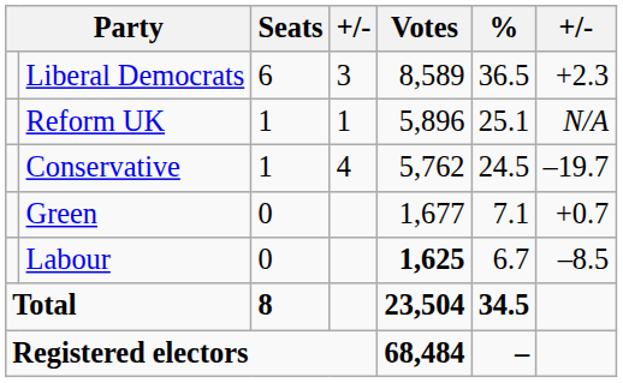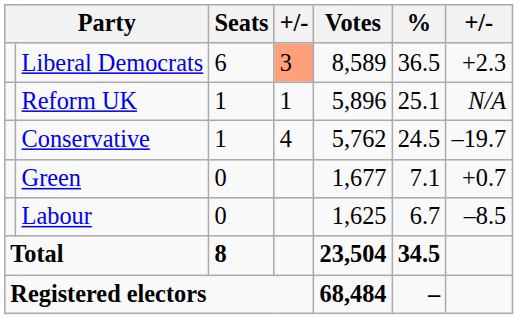 <table class="wikitable sortable">
 <tr>
 <th colspan="2">Party</th>
 <th>Seats</th>
 <th>+/-</th>
 <th>Votes</th>
 <th>%</th>
 <th>+/-</th>
 </tr>
 <tr>
 <td style="background-color: "></td>
 <td><a href='#'>Liberal Democrats</a></td>
 <td>6</td>
-<td> 3</td>
+<td style="background: lightsalmon;"> 3</td>
 <td style="text-align:right;">8,589</td>
 <td style="text-align:right;">36.5</td>
 <td style="text-align:right;">+2.3</td>
 </tr>
 <tr>
 <td style="background-color: "></td>
 <td><a href='#'>Reform UK</a></td>
 <td>1</td>
 <td> 1</td>
 <td style="text-align:right;">5,896</td>
 <td style="text-align:right;">25.1</td>
 <td style="text-align:right;"><em>N/A</em></td>
 </tr>
 <tr>
 <td style="background-color: "></td>
 <td><a href='#'>Conservative</a></td>
 <td>1</td>
 <td> 4</td>
 <td style="text-align:right;">5,762</td>
 <td style="text-align:right;">24.5</td>
 <td style="text-align:right;">–19.7</td>
 </tr>
 <tr>
 <td style="background-color: "></td>
 <td><a href='#'>Green</a></td>
 <td>0</td>
 <td></td>
 <td style="text-align:right;">1,677</td>
 <td style="text-align:right;">7.1</td>
 <td style="text-align:right;">+0.7</td>
 </tr>
 <tr>
 <td style="background-color: "></td>
 <td><a href='#'>Labour</a></td>
 <td>0</td>
 <td></td>
-<td style="text-align:right;"><strong>1,625</strong></td>
+<td style="text-align:right;">1,625</td>
 <td style="text-align:right;">6.7</td>
 <td style="text-align:right;">–8.5</td>
 </tr>
 <tr>
 <td colspan="2"><strong>Total</strong></td>
 <td><strong>8</strong></td>
 <td></td>
 <td style="text-align:right;"><strong>23,504</strong></td>
 <td style="text-align:right;"><strong>34.5</strong></td>
 <td style="text-align:right;"></td>
 </tr>
 <tr>
 <td colspan="4"><strong>Registered electors</strong></td>
 <td style="text-align:right;"><strong>68,484</strong></td>
 <td style="text-align:right;"><strong>–</strong></td>
 <td style="text-align:right;"></td>
 </tr>
 </table>
